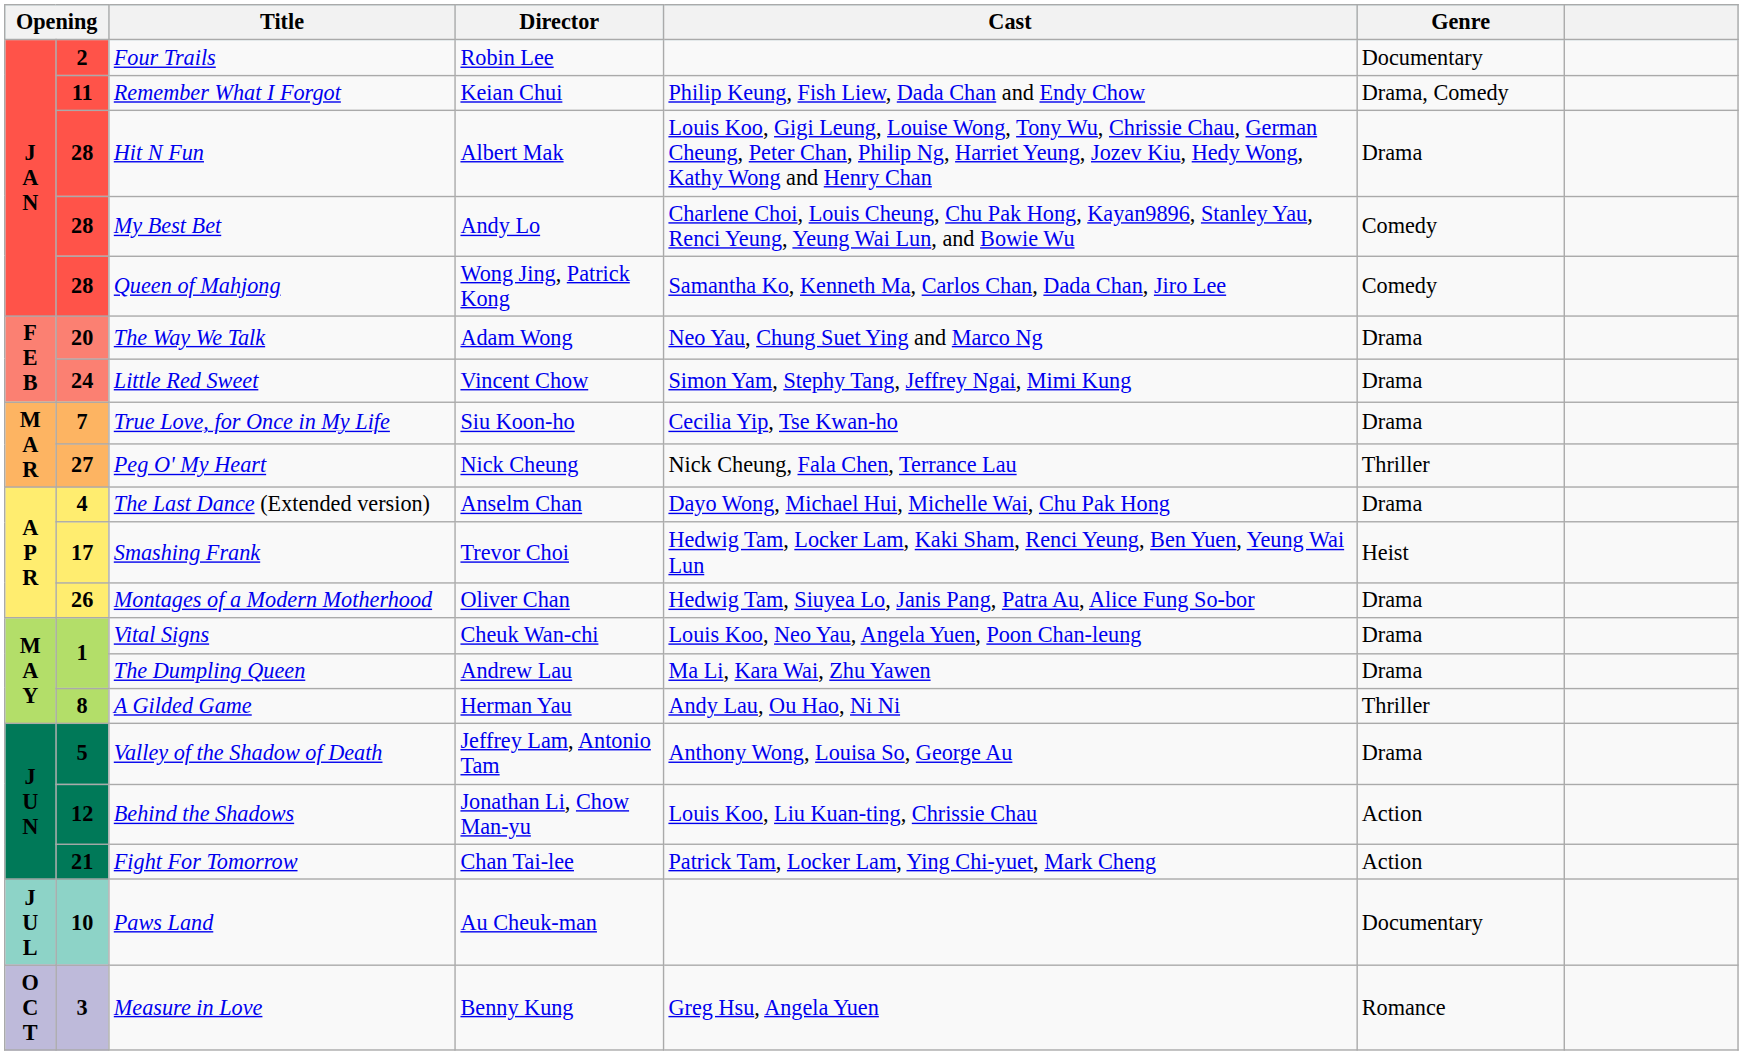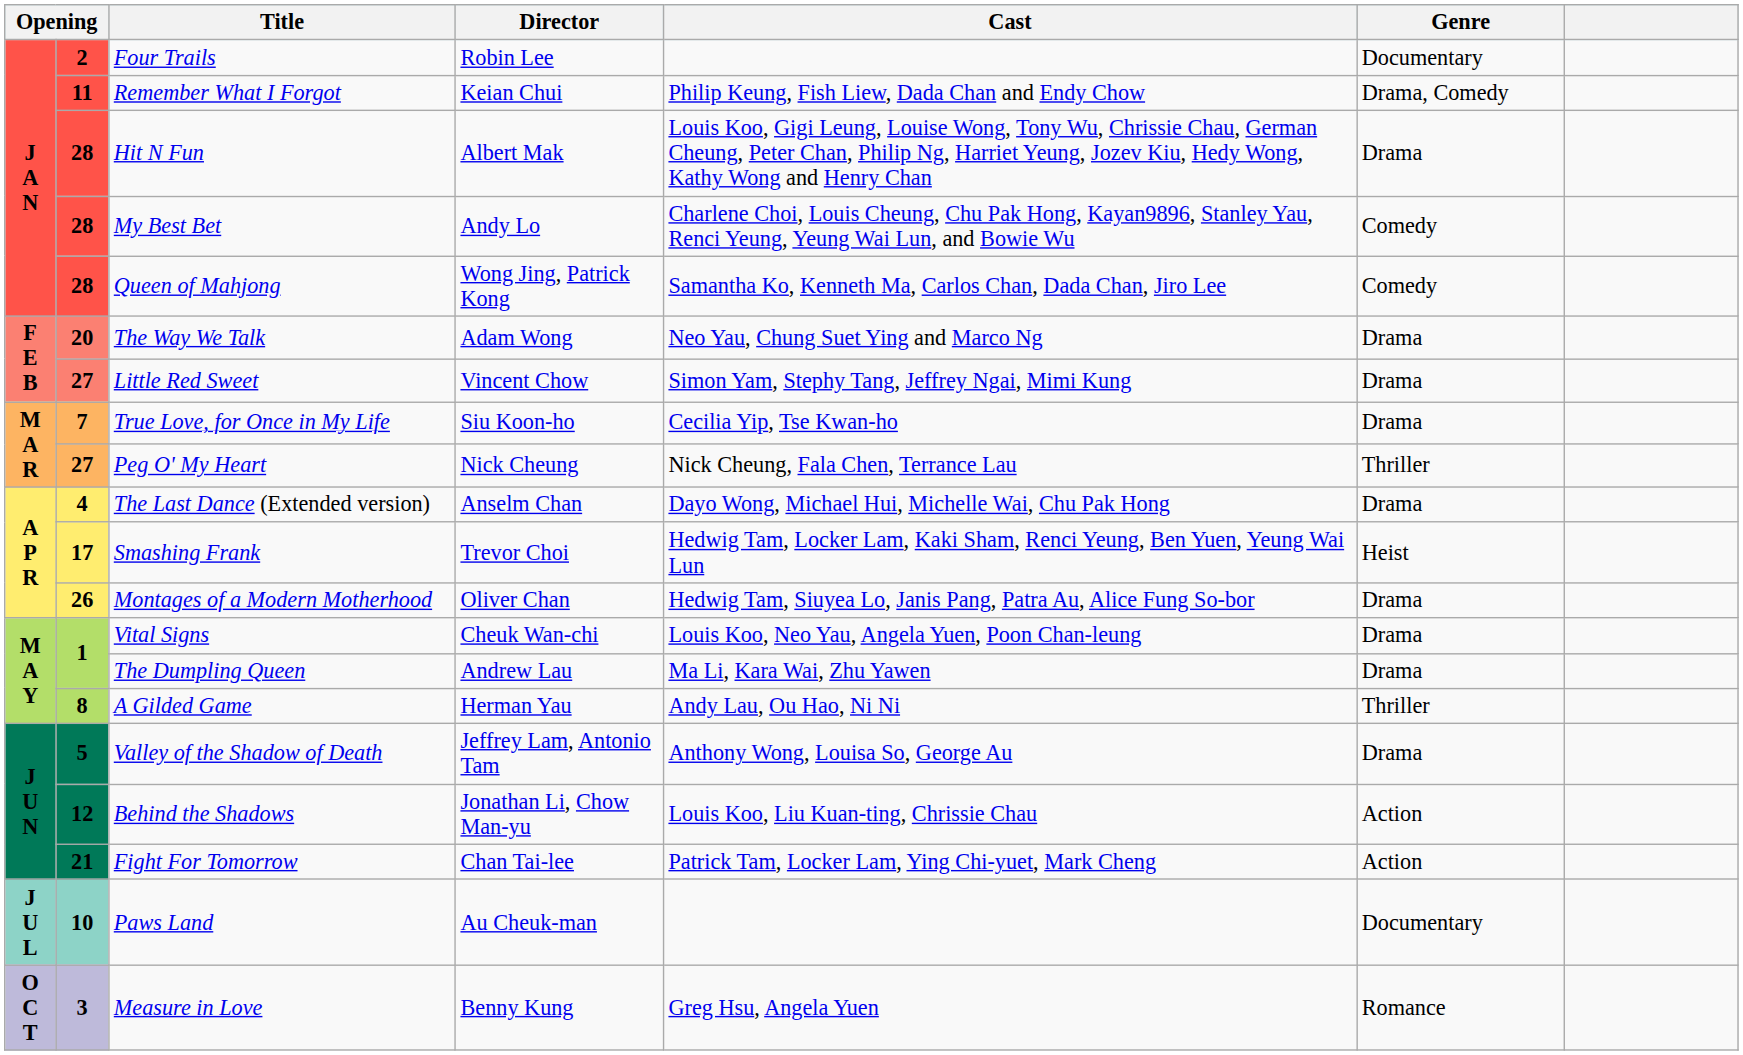 <table class="wikitable">
 <tr style="background:#b0e0e6; text-align:center;">
 <th colspan="2" style="width:6%;">Opening</th>
 <th style="width:20%;">Title</th>
 <th style="width:12%;">Director</th>
 <th style="width:40%;">Cast</th>
 <th style="width:12%;">Genre</th>
 <th></th>
 </tr>
 <tr>
 <th rowspan="5" style="text-align:center; background:#FF5349; text color:#000;">J<br>A<br>N</th>
 <td rowspan="1" style="text-align:center; background:#FF5349"><strong>2</strong></td>
 <td><em><a href='#'>Four Trails</a></em></td>
 <td><a href='#'>Robin Lee</a></td>
 <td></td>
 <td>Documentary</td>
 <td></td>
 </tr>
 <tr>
 <td rowspan="1" style="text-align:center; background:#FF5349"><strong>11</strong></td>
 <td><em><a href='#'>Remember What I Forgot</a></em></td>
 <td><a href='#'>Keian Chui</a></td>
 <td><a href='#'>Philip Keung</a>, <a href='#'>Fish Liew</a>, <a href='#'>Dada Chan</a> and <a href='#'>Endy Chow</a></td>
 <td>Drama, Comedy</td>
 <td></td>
 </tr>
 <tr>
 <td rowspan="1" style="text-align:center; background:#FF5349"><strong>28</strong></td>
 <td><em><a href='#'>Hit N Fun</a></em></td>
 <td><a href='#'>Albert Mak</a></td>
 <td><a href='#'>Louis Koo</a>, <a href='#'>Gigi Leung</a>, <a href='#'>Louise Wong</a>, <a href='#'>Tony Wu</a>, <a href='#'>Chrissie Chau</a>, <a href='#'>German Cheung</a>, <a href='#'>Peter Chan</a>, <a href='#'>Philip Ng</a>, <a href='#'>Harriet Yeung</a>, <a href='#'>Jozev Kiu</a>, <a href='#'>Hedy Wong</a>, <a href='#'>Kathy Wong</a> and <a href='#'>Henry Chan</a></td>
 <td>Drama</td>
 <td></td>
 </tr>
 <tr>
 <td rowspan="1" style="text-align:center; background:#FF5349"><strong>28</strong></td>
 <td><em><a href='#'>My Best Bet</a></em></td>
 <td><a href='#'>Andy Lo</a></td>
 <td><a href='#'>Charlene Choi</a>, <a href='#'>Louis Cheung</a>, <a href='#'>Chu Pak Hong</a>, <a href='#'>Kayan9896</a>, <a href='#'>Stanley Yau</a>, <a href='#'>Renci Yeung</a>, <a href='#'>Yeung Wai Lun</a>, and <a href='#'>Bowie Wu</a></td>
 <td>Comedy</td>
 <td></td>
 </tr>
 <tr>
 <td rowspan="1" style="text-align:center; background:#FF5349"><strong>28</strong></td>
 <td><em><a href='#'>Queen of Mahjong</a></em></td>
 <td><a href='#'>Wong Jing</a>, <a href='#'>Patrick Kong</a></td>
 <td><a href='#'>Samantha Ko</a>, <a href='#'>Kenneth Ma</a>, <a href='#'>Carlos Chan</a>, <a href='#'>Dada Chan</a>, <a href='#'>Jiro Lee</a></td>
 <td>Comedy</td>
 <td></td>
 </tr>
 <tr>
 <th rowspan="2" style="text-align:center; background:#fb8072; textcolor:#000;">F<br>E<br>B</th>
 <td rowspan="1" style="text-align:center; background:#fb8072"><strong>20</strong></td>
 <td><em><a href='#'>The Way We Talk</a></em></td>
 <td><a href='#'>Adam Wong</a></td>
 <td><a href='#'>Neo Yau</a>, <a href='#'>Chung Suet Ying</a> and <a href='#'>Marco Ng</a></td>
 <td>Drama</td>
 <td></td>
 </tr>
 <tr>
-<td rowspan="1" style="text-align:center; background:#fb8072"><strong>24</strong></td>
+<td rowspan="1" style="text-align:center; background:#fb8072"><strong>27</strong></td>
 <td><em><a href='#'>Little Red Sweet</a></em></td>
 <td><a href='#'>Vincent Chow</a></td>
 <td><a href='#'>Simon Yam</a>, <a href='#'>Stephy Tang</a>, <a href='#'>Jeffrey Ngai</a>, <a href='#'>Mimi Kung</a></td>
 <td>Drama</td>
 <td></td>
 </tr>
 <tr>
 <th rowspan="2" style="text-align:center; background:#fdb462; textcolor:#000;">M<br>A<br>R</th>
 <td rowspan="1" style="text-align:center; background:#fdb462"><strong>7</strong></td>
 <td><em><a href='#'>True Love, for Once in My Life</a></em></td>
 <td><a href='#'>Siu Koon-ho</a></td>
 <td><a href='#'>Cecilia Yip</a>, <a href='#'>Tse Kwan-ho</a></td>
 <td>Drama</td>
 <td></td>
 </tr>
 <tr>
 <td rowspan="1" style="text-align:center; background:#fdb462"><strong>27</strong></td>
 <td><em><a href='#'>Peg O' My Heart</a></em></td>
 <td><a href='#'>Nick Cheung</a></td>
 <td>Nick Cheung, <a href='#'>Fala Chen</a>, <a href='#'>Terrance Lau</a></td>
 <td>Thriller</td>
 <td></td>
 </tr>
 <tr>
 <th rowspan="3" style="text-align:center; background:#ffed6f; text color:#000;">A<br>P<br>R</th>
 <td rowspan="1" style="text-align:center; background:#ffed6f"><strong>4</strong></td>
 <td><em><a href='#'>The Last Dance</a></em> (Extended version)</td>
 <td><a href='#'>Anselm Chan</a></td>
 <td><a href='#'>Dayo Wong</a>, <a href='#'>Michael Hui</a>, <a href='#'>Michelle Wai</a>, <a href='#'>Chu Pak Hong</a></td>
 <td>Drama</td>
 <td></td>
 </tr>
 <tr>
 <td rowspan="1" style="text-align:center; background:#ffed6f"><strong>17</strong></td>
 <td><em><a href='#'>Smashing Frank</a></em></td>
 <td><a href='#'>Trevor Choi</a></td>
 <td><a href='#'>Hedwig Tam</a>, <a href='#'>Locker Lam</a>, <a href='#'>Kaki Sham</a>, <a href='#'>Renci Yeung</a>, <a href='#'>Ben Yuen</a>, <a href='#'>Yeung Wai Lun</a></td>
 <td>Heist</td>
 <td></td>
 </tr>
 <tr>
 <td rowspan="1" style="text-align:center; background:#ffed6f"><strong>26</strong></td>
 <td><em><a href='#'>Montages of a Modern Motherhood</a></em></td>
 <td><a href='#'>Oliver Chan</a></td>
 <td><a href='#'>Hedwig Tam</a>, <a href='#'>Siuyea Lo</a>, <a href='#'>Janis Pang</a>, <a href='#'>Patra Au</a>, <a href='#'>Alice Fung So-bor</a></td>
 <td>Drama</td>
 <td></td>
 </tr>
 <tr>
 <th rowspan="3" style="text-align:center; background:#b3de69; textcolor:#000;">M<br>A<br>Y</th>
 <td rowspan="2" style="text-align:center; background:#b3de69"><strong>1</strong></td>
 <td><em><a href='#'>Vital Signs</a></em></td>
 <td><a href='#'>Cheuk Wan-chi</a></td>
 <td><a href='#'>Louis Koo</a>, <a href='#'>Neo Yau</a>, <a href='#'>Angela Yuen</a>, <a href='#'>Poon Chan-leung</a></td>
 <td>Drama</td>
 <td></td>
 </tr>
 <tr>
 <td><em><a href='#'>The Dumpling Queen</a></em></td>
 <td><a href='#'>Andrew Lau</a></td>
 <td><a href='#'>Ma Li</a>, <a href='#'>Kara Wai</a>, <a href='#'>Zhu Yawen</a></td>
 <td>Drama</td>
 <td></td>
 </tr>
 <tr>
 <td rowspan="1" style="text-align:center; background:#b3de69"><strong>8</strong></td>
 <td><em><a href='#'>A Gilded Game</a></em></td>
 <td><a href='#'>Herman Yau</a></td>
 <td><a href='#'>Andy Lau</a>, <a href='#'>Ou Hao</a>, <a href='#'>Ni Ni</a></td>
 <td>Thriller</td>
 <td></td>
 </tr>
 <tr>
 <th rowspan="3" style="text-align:center; background:#007958; textcolor:#000;">J<br>U<br>N</th>
 <td rowspan="1" style="text-align:center; background:#007958"><strong>5</strong></td>
 <td><em><a href='#'>Valley of the Shadow of Death</a></em></td>
 <td><a href='#'>Jeffrey Lam</a>, <a href='#'>Antonio Tam</a></td>
 <td><a href='#'>Anthony Wong</a>, <a href='#'>Louisa So</a>, <a href='#'>George Au</a></td>
 <td>Drama</td>
 <td></td>
 </tr>
 <tr>
 <td rowspan="1" style="text-align:center; background:#007958"><strong>12</strong></td>
 <td><em><a href='#'>Behind the Shadows</a></em></td>
 <td><a href='#'>Jonathan Li</a>, <a href='#'>Chow Man-yu</a></td>
 <td><a href='#'>Louis Koo</a>, <a href='#'>Liu Kuan-ting</a>, <a href='#'>Chrissie Chau</a></td>
 <td>Action</td>
 <td></td>
 </tr>
 <tr>
 <td rowspan="1" style="text-align:center; background:#007958"><strong>21</strong></td>
 <td><em><a href='#'>Fight For Tomorrow</a></em></td>
 <td><a href='#'>Chan Tai-lee</a></td>
 <td><a href='#'>Patrick Tam</a>, <a href='#'>Locker Lam</a>, <a href='#'>Ying Chi-yuet</a>, <a href='#'>Mark Cheng</a></td>
 <td>Action</td>
 <td></td>
 </tr>
 <tr>
 <th rowspan="1" style="text-align:center; background:#8dd3c7; textcolor:#000;">J<br>U<br>L</th>
 <td rowspan="1" style="text-align:center; background:#8dd3c7"><strong>10</strong></td>
 <td><em><a href='#'>Paws Land</a></em></td>
 <td><a href='#'>Au Cheuk-man</a></td>
 <td></td>
 <td>Documentary</td>
 <td></td>
 </tr>
 <tr>
 <th rowspan="2" style="text-align:center; background:#bebada; textcolor:#000;">O<br>C<br>T</th>
 <td rowspan="1" style="text-align:center;background:#bebada"><strong>3</strong></td>
 <td><em><a href='#'>Measure in Love</a></em></td>
 <td><a href='#'>Benny Kung</a></td>
 <td><a href='#'>Greg Hsu</a>, <a href='#'>Angela Yuen</a></td>
 <td>Romance</td>
 <td></td>
 </tr>
 </table>
